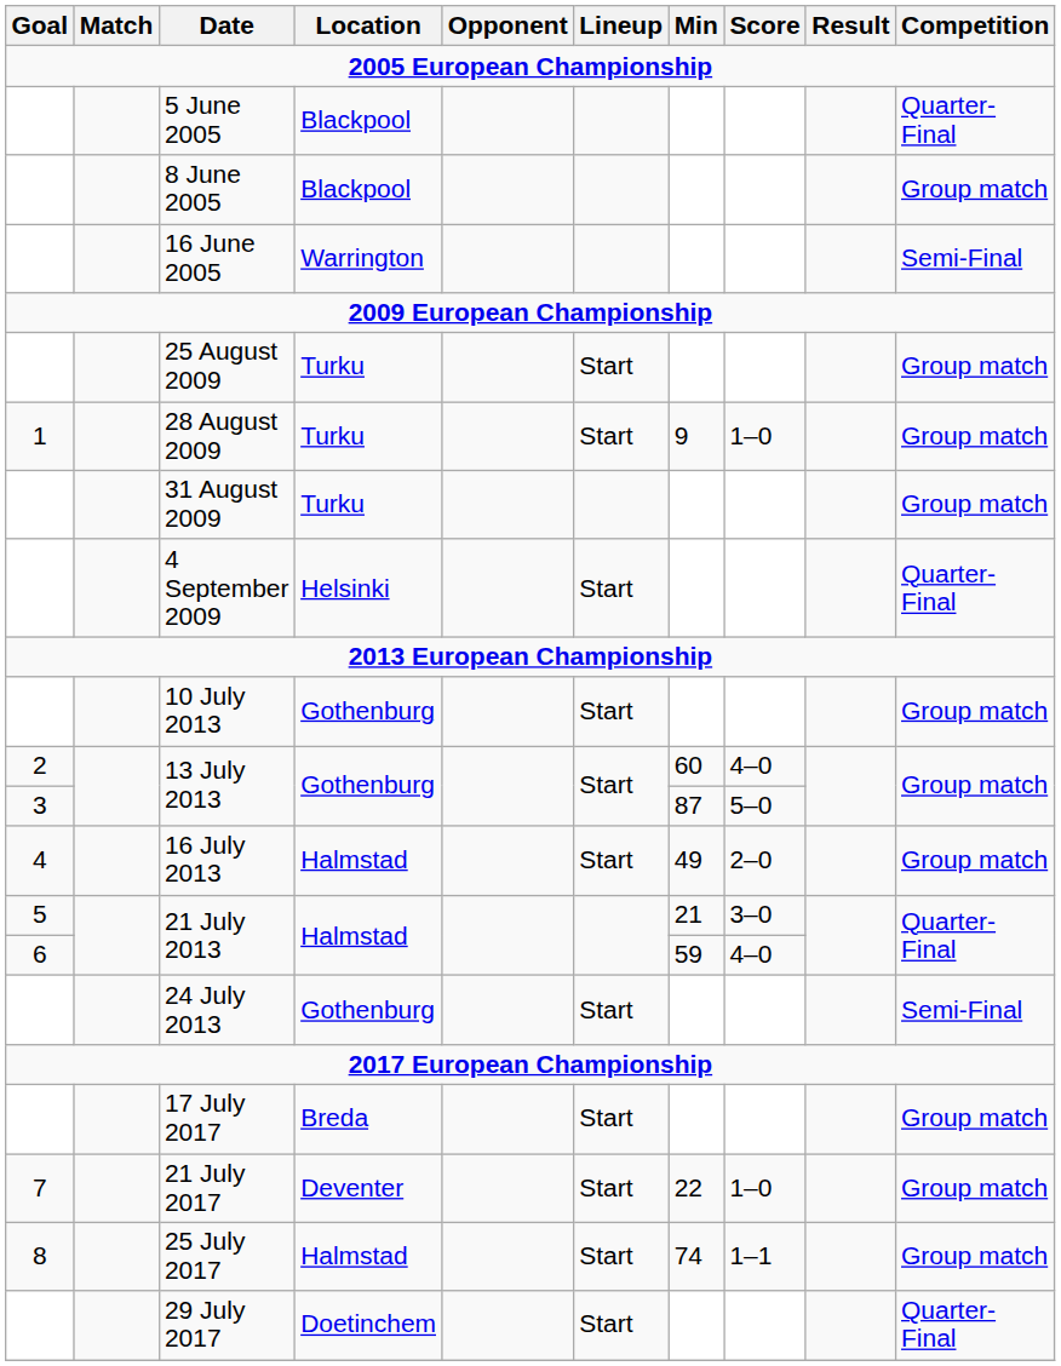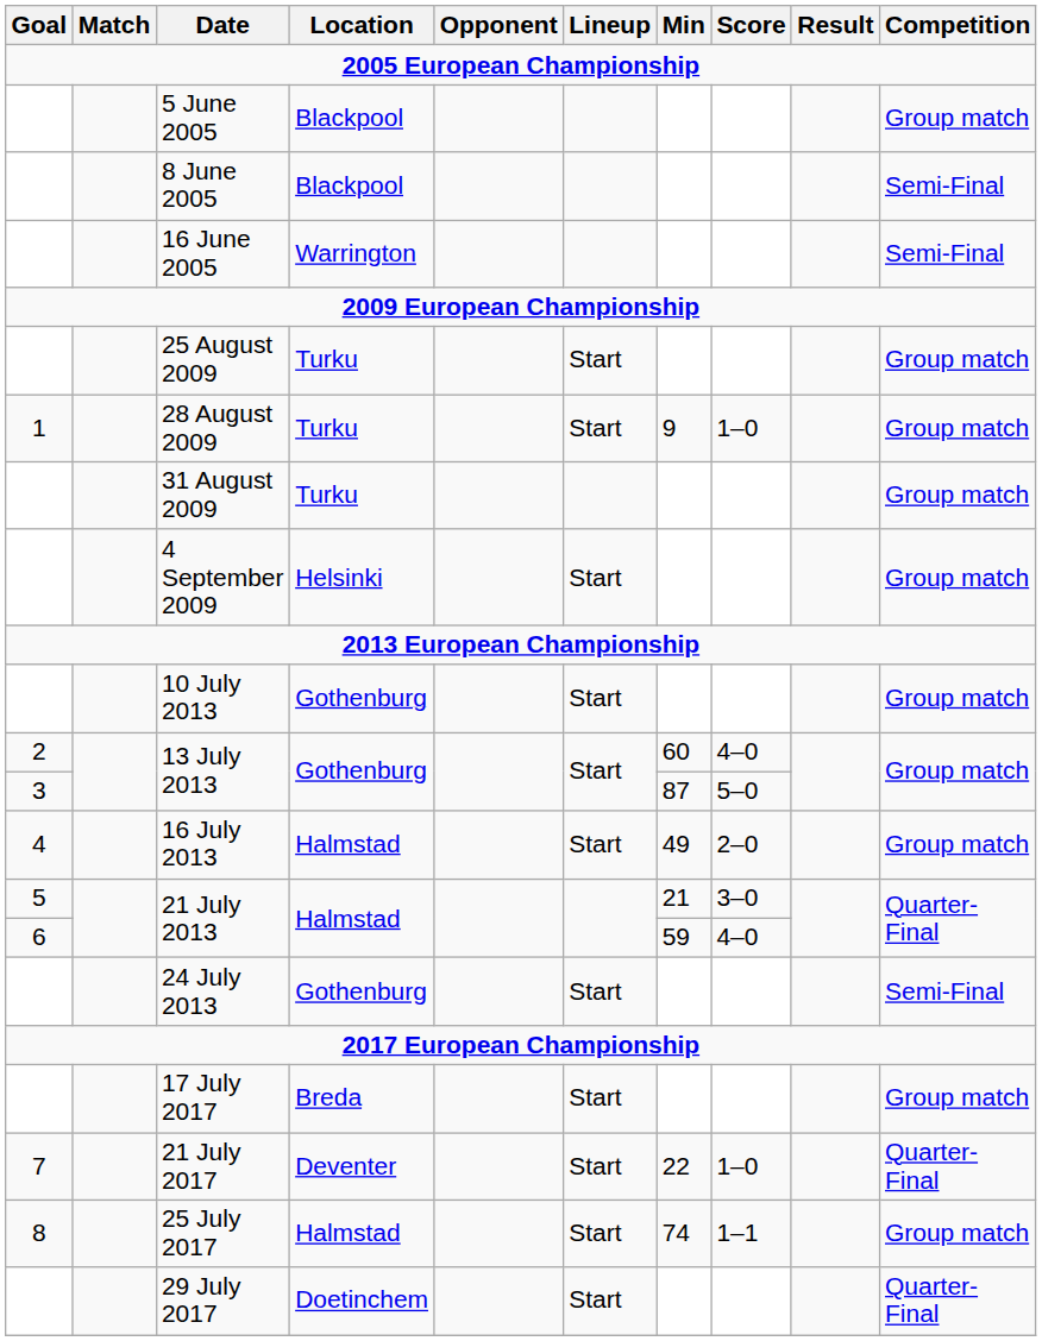 <table class="wikitable collapsible" style="fontsize:90%;">
 <tr>
 <th>Goal</th>
 <th>Match</th>
 <th>Date</th>
 <th>Location</th>
 <th>Opponent</th>
 <th>Lineup</th>
 <th>Min</th>
 <th>Score</th>
 <th>Result</th>
 <th>Competition</th>
 </tr>
 <tr>
 <td colspan=10 align=center> <strong><a href='#'>2005 European Championship</a></strong></td>
 </tr>
 <tr>
 <td style="background:white;"></td>
 <td></td>
 <td>5 June 2005</td>
 <td><a href='#'>Blackpool</a></td>
 <td></td>
 <td></td>
 <td style="background:white;"></td>
 <td style="background:white;"></td>
 <td></td>
-<td><a href='#'>Quarter-Final</a></td>
+<td><a href='#'>Group match</a></td>
 </tr>
 <tr>
 <td style="background:white;"></td>
 <td></td>
 <td>8 June 2005</td>
 <td><a href='#'>Blackpool</a></td>
 <td></td>
 <td></td>
 <td style="background:white;"></td>
 <td style="background:white;"></td>
 <td></td>
-<td><a href='#'>Group match</a></td>
+<td><a href='#'>Semi-Final</a></td>
 </tr>
 <tr>
 <td style="background:white;"></td>
 <td></td>
 <td>16 June 2005</td>
 <td><a href='#'>Warrington</a></td>
 <td></td>
 <td></td>
 <td style="background:white;"></td>
 <td style="background:white;"></td>
 <td></td>
 <td><a href='#'>Semi-Final</a></td>
 </tr>
 <tr>
 <td colspan=10 align=center> <strong><a href='#'>2009 European Championship</a></strong></td>
 </tr>
 <tr>
 <td style="background:white;"></td>
 <td></td>
 <td>25 August 2009</td>
 <td><a href='#'>Turku</a></td>
 <td></td>
 <td>Start</td>
 <td style="background:white;"></td>
 <td style="background:white;"></td>
 <td></td>
 <td><a href='#'>Group match</a></td>
 </tr>
 <tr>
 <td align=center>1</td>
 <td></td>
 <td>28 August 2009</td>
 <td><a href='#'>Turku</a></td>
 <td></td>
 <td>Start</td>
 <td>9</td>
 <td>1–0</td>
 <td></td>
 <td><a href='#'>Group match</a></td>
 </tr>
 <tr>
 <td style="background:white;"></td>
 <td></td>
 <td>31 August 2009</td>
 <td><a href='#'>Turku</a></td>
 <td></td>
 <td></td>
 <td style="background:white;"></td>
 <td style="background:white;"></td>
 <td></td>
 <td><a href='#'>Group match</a></td>
 </tr>
 <tr>
 <td style="background:white;"></td>
 <td></td>
 <td>4 September 2009</td>
 <td><a href='#'>Helsinki</a></td>
 <td></td>
 <td>Start</td>
 <td style="background:white;"></td>
 <td style="background:white;"></td>
 <td></td>
-<td><a href='#'>Quarter-Final</a></td>
+<td><a href='#'>Group match</a></td>
 </tr>
 <tr>
 <td colspan=10 align=center> <strong><a href='#'>2013 European Championship</a></strong></td>
 </tr>
 <tr>
 <td style="background:white;"></td>
 <td></td>
 <td>10 July 2013</td>
 <td><a href='#'>Gothenburg</a></td>
 <td></td>
 <td>Start</td>
 <td style="background:white;"></td>
 <td style="background:white;"></td>
 <td></td>
 <td><a href='#'>Group match</a></td>
 </tr>
 <tr>
 <td align=center>2</td>
 <td align=center rowspan=2></td>
 <td rowspan=2>13 July 2013</td>
 <td rowspan=2><a href='#'>Gothenburg</a></td>
 <td rowspan=2></td>
 <td rowspan=2>Start</td>
 <td>60</td>
 <td>4–0</td>
 <td rowspan=2></td>
 <td rowspan=2><a href='#'>Group match</a></td>
 </tr>
 <tr>
 <td align=center>3</td>
 <td>87</td>
 <td>5–0</td>
 </tr>
 <tr>
 <td align=center>4</td>
 <td></td>
 <td>16 July 2013</td>
 <td><a href='#'>Halmstad</a></td>
 <td></td>
 <td>Start</td>
 <td>49</td>
 <td>2–0</td>
 <td></td>
 <td><a href='#'>Group match</a></td>
 </tr>
 <tr>
 <td align=center>5</td>
 <td align=center rowspan=2></td>
 <td rowspan=2>21 July 2013</td>
 <td rowspan=2><a href='#'>Halmstad</a></td>
 <td rowspan=2></td>
 <td rowspan=2></td>
 <td>21</td>
 <td>3–0</td>
 <td rowspan=2></td>
 <td rowspan=2><a href='#'>Quarter-Final</a></td>
 </tr>
 <tr>
 <td align=center>6</td>
 <td>59</td>
 <td>4–0</td>
 </tr>
 <tr>
 <td style="background:white;"></td>
 <td></td>
 <td>24 July 2013</td>
 <td><a href='#'>Gothenburg</a></td>
 <td></td>
 <td>Start</td>
 <td style="background:white;"></td>
 <td style="background:white;"></td>
 <td></td>
 <td><a href='#'>Semi-Final</a></td>
 </tr>
 <tr>
 <td colspan=10 align=center> <strong><a href='#'>2017 European Championship</a></strong></td>
 </tr>
 <tr>
 <td style="background:white;"></td>
 <td></td>
 <td>17 July 2017</td>
 <td><a href='#'>Breda</a></td>
 <td></td>
 <td>Start</td>
 <td style="background:white;"></td>
 <td style="background:white;"></td>
 <td></td>
 <td><a href='#'>Group match</a></td>
 </tr>
 <tr>
 <td align=center>7</td>
 <td></td>
 <td>21 July 2017</td>
 <td><a href='#'>Deventer</a></td>
 <td></td>
 <td>Start</td>
 <td>22</td>
 <td>1–0</td>
 <td></td>
-<td><a href='#'>Group match</a></td>
+<td><a href='#'>Quarter-Final</a></td>
 </tr>
 <tr>
 <td align=center>8</td>
 <td></td>
 <td>25 July 2017</td>
 <td><a href='#'>Halmstad</a></td>
 <td></td>
 <td>Start</td>
 <td>74</td>
 <td>1–1</td>
 <td></td>
 <td><a href='#'>Group match</a></td>
 </tr>
 <tr>
 <td style="background:white;"></td>
 <td></td>
 <td>29 July 2017</td>
 <td><a href='#'>Doetinchem</a></td>
 <td></td>
 <td>Start</td>
 <td style="background:white;"></td>
 <td style="background:white;"></td>
 <td></td>
 <td><a href='#'>Quarter-Final</a></td>
 </tr>
 <tr>
 </tr>
 </table>
